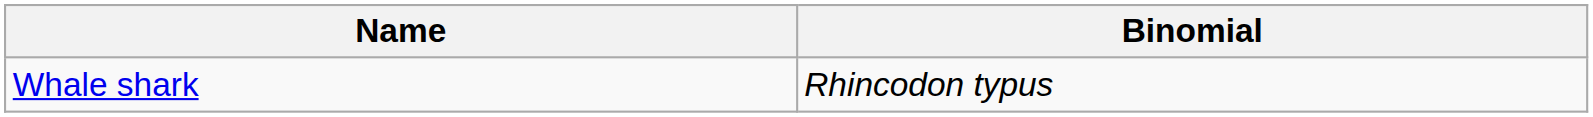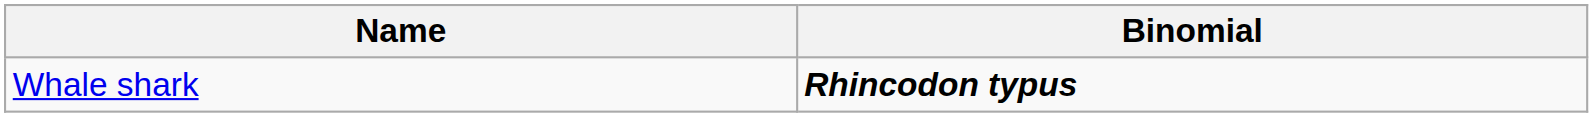 <table width=60% class="wikitable">
 <tr>
 <th width=20%>Name</th>
 <th width=20%>Binomial</th>
 </tr>
 <tr>
 <td><a href='#'>Whale shark</a><br></td>
-<td><em>Rhincodon typus</em></td>
+<td><strong><em>Rhincodon typus</em></strong></td>
 </tr>
 </table>
